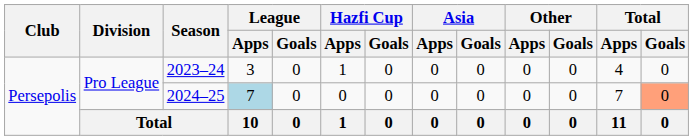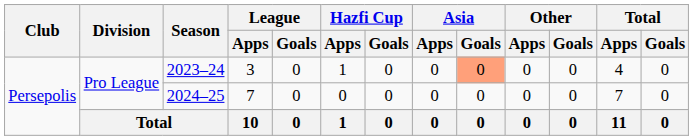 <table class="wikitable" style="text-align: center;">
 <tr>
 <th rowspan="2">Club</th>
 <th rowspan="2">Division</th>
 <th rowspan="2">Season</th>
 <th colspan="2">League</th>
 <th colspan="2"><a href='#'>Hazfi Cup</a></th>
 <th colspan="2"><a href='#'>Asia</a></th>
 <th colspan="2">Other</th>
 <th colspan="2">Total</th>
 </tr>
 <tr>
 <th>Apps</th>
 <th>Goals</th>
 <th>Apps</th>
 <th>Goals</th>
 <th>Apps</th>
 <th>Goals</th>
 <th>Apps</th>
 <th>Goals</th>
 <th>Apps</th>
 <th>Goals</th>
 </tr>
 <tr>
 <td rowspan="3"><a href='#'>Persepolis</a></td>
 <td rowspan="2"><a href='#'>Pro League</a></td>
 <td><a href='#'>2023–24</a></td>
 <td>3</td>
 <td>0</td>
 <td>1</td>
 <td>0</td>
 <td>0</td>
-<td>0</td>
+<td style="background: lightsalmon;">0</td>
 <td>0</td>
 <td>0</td>
 <td>4</td>
 <td>0</td>
 </tr>
 <tr>
 <td><a href='#'>2024–25</a></td>
-<td style="background: lightblue;">7</td>
+<td>7</td>
 <td>0</td>
 <td>0</td>
 <td>0</td>
 <td>0</td>
 <td>0</td>
 <td>0</td>
 <td>0</td>
 <td>7</td>
-<td style="background: lightsalmon;">0</td>
+<td>0</td>
 </tr>
 <tr>
 <th colspan="2">Total</th>
 <th>10</th>
 <th>0</th>
 <th>1</th>
 <th>0</th>
 <th>0</th>
 <th>0</th>
 <th>0</th>
 <th>0</th>
 <th>11</th>
 <th>0</th>
 </tr>
 </table>
